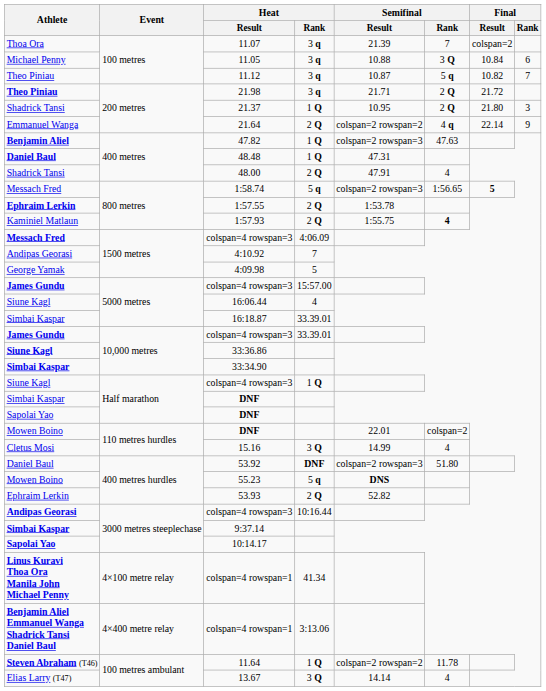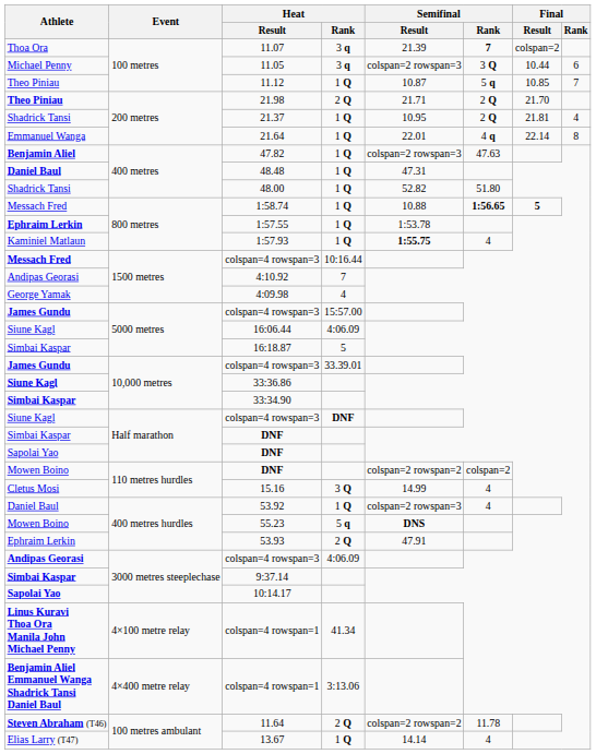 <table class="wikitable" style="font-size:90%">
 <tr>
 <th rowspan="2">Athlete</th>
 <th rowspan="2">Event</th>
 <th colspan="2">Heat</th>
 <th colspan="2">Semifinal</th>
 <th colspan="2">Final</th>
 </tr>
 <tr style="font-size:95%">
 <th>Result</th>
 <th>Rank</th>
 <th>Result</th>
 <th>Rank</th>
 <th>Result</th>
 <th>Rank</th>
 </tr>
 <tr style=text-align:center>
 <td style=text-align:left><a href='#'>Thoa Ora</a></td>
 <td style=text-align:left rowspan=3>100 metres</td>
 <td>11.07</td>
 <td>3 <strong>q</strong></td>
 <td>21.39</td>
-<td>7</td>
+<td><strong>7</strong></td>
 <td>colspan=2 </td>
 </tr>
 <tr style=text-align:center>
 <td style=text-align:left><a href='#'>Michael Penny</a></td>
 <td>11.05</td>
 <td>3 <strong>q</strong></td>
-<td>10.88</td>
+<td>colspan=2 rowspan=3 </td>
 <td>3 <strong>Q</strong></td>
-<td>10.84</td>
+<td>10.44</td>
 <td>6</td>
 </tr>
 <tr style=text-align:center>
 <td style=text-align:left><a href='#'>Theo Piniau</a></td>
 <td>11.12</td>
-<td>3 <strong>q</strong></td>
+<td>1 <strong>Q</strong></td>
 <td>10.87</td>
 <td>5 <strong>q</strong></td>
-<td>10.82</td>
+<td>10.85</td>
 <td>7</td>
 </tr>
 <tr style=text-align:center>
 <td style=text-align:left><strong><a href='#'>Theo Piniau</a></strong></td>
 <td style=text-align:left rowspan=3>200 metres</td>
 <td>21.98</td>
-<td>3 <strong>q</strong></td>
+<td>2 <strong>Q</strong></td>
 <td>21.71</td>
 <td>2 <strong>Q</strong></td>
-<td>21.72</td>
+<td>21.70</td>
 <td></td>
 </tr>
 <tr style=text-align:center>
 <td style=text-align:left><a href='#'>Shadrick Tansi</a></td>
 <td>21.37</td>
 <td>1 <strong>Q</strong></td>
 <td>10.95</td>
 <td>2 <strong>Q</strong></td>
-<td>21.80</td>
-<td>3</td>
+<td>21.81</td>
+<td>4</td>
 </tr>
 <tr style=text-align:center>
 <td style=text-align:left><a href='#'>Emmanuel Wanga</a></td>
 <td>21.64</td>
-<td>2 <strong>Q</strong></td>
-<td>colspan=2 rowspan=2 </td>
+<td>1 <strong>Q</strong></td>
+<td>22.01</td>
 <td>4 <strong>q</strong></td>
 <td>22.14</td>
-<td>9</td>
+<td>8</td>
 </tr>
 <tr style=text-align:center>
 <td style=text-align:left><strong><a href='#'>Benjamin Aliel</a></strong></td>
 <td style=text-align:left rowspan=3>400 metres</td>
 <td>47.82</td>
 <td>1 <strong>Q</strong></td>
 <td>colspan=2 rowspan=3 </td>
 <td>47.63</td>
 <td></td>
 </tr>
 <tr style=text-align:center>
 <td style=text-align:left><strong><a href='#'>Daniel Baul</a></strong></td>
 <td>48.48</td>
 <td>1 <strong>Q</strong></td>
 <td>47.31</td>
 <td></td>
 </tr>
 <tr style=text-align:center>
 <td style=text-align:left><a href='#'>Shadrick Tansi</a></td>
 <td>48.00</td>
-<td>2 <strong>Q</strong></td>
-<td>47.91</td>
-<td>4</td>
+<td>1 <strong>Q</strong></td>
+<td>52.82</td>
+<td>51.80</td>
 </tr>
 <tr style=text-align:center>
 <td style=text-align:left><a href='#'>Messach Fred</a></td>
 <td style=text-align:left rowspan=3>800 metres</td>
 <td>1:58.74</td>
-<td>5 <strong>q</strong></td>
-<td>colspan=2 rowspan=3 </td>
-<td>1:56.65</td>
+<td>1 <strong>Q</strong></td>
+<td>10.88</td>
+<td><strong>1:56.65</strong></td>
 <td><strong>5</strong></td>
 </tr>
 <tr style=text-align:center>
 <td style=text-align:left><strong><a href='#'>Ephraim Lerkin</a></strong></td>
 <td>1:57.55</td>
-<td>2 <strong>Q</strong></td>
+<td>1 <strong>Q</strong></td>
 <td>1:53.78</td>
 <td></td>
 </tr>
 <tr style=text-align:center>
 <td style=text-align:left><a href='#'>Kaminiel Matlaun</a></td>
 <td>1:57.93</td>
-<td>2 <strong>Q</strong></td>
-<td>1:55.75</td>
-<td><strong>4</strong></td>
+<td>1 <strong>Q</strong></td>
+<td><strong>1:55.75</strong></td>
+<td>4</td>
 </tr>
 <tr style=text-align:center>
 <td style=text-align:left><strong><a href='#'>Messach Fred</a></strong></td>
 <td style=text-align:left rowspan=3>1500 metres</td>
 <td>colspan=4 rowspan=3 </td>
-<td>4:06.09</td>
+<td>10:16.44</td>
 <td></td>
 </tr>
 <tr style=text-align:center>
 <td style=text-align:left><a href='#'>Andipas Georasi</a></td>
 <td>4:10.92</td>
 <td>7</td>
 </tr>
 <tr style=text-align:center>
 <td style=text-align:left><a href='#'>George Yamak</a></td>
 <td>4:09.98</td>
-<td>5</td>
+<td>4</td>
 </tr>
 <tr style=text-align:center>
 <td style=text-align:left><strong><a href='#'>James Gundu</a></strong></td>
 <td style=text-align:left rowspan=3>5000 metres</td>
 <td>colspan=4 rowspan=3 </td>
 <td>15:57.00</td>
 <td></td>
 </tr>
 <tr style=text-align:center>
 <td style=text-align:left><a href='#'>Siune Kagl</a></td>
 <td>16:06.44</td>
-<td>4</td>
+<td>4:06.09</td>
 </tr>
 <tr style=text-align:center>
 <td style=text-align:left><a href='#'>Simbai Kaspar</a></td>
 <td>16:18.87</td>
-<td>33.39.01</td>
+<td>5</td>
 </tr>
 <tr style=text-align:center>
 <td style=text-align:left><strong><a href='#'>James Gundu</a></strong></td>
 <td style=text-align:left rowspan=3>10,000 metres</td>
 <td>colspan=4 rowspan=3 </td>
 <td>33.39.01</td>
 <td></td>
 </tr>
 <tr style=text-align:center>
 <td style=text-align:left><strong><a href='#'>Siune Kagl</a></strong></td>
 <td>33:36.86</td>
 <td></td>
 </tr>
 <tr style=text-align:center>
 <td style=text-align:left><strong><a href='#'>Simbai Kaspar</a></strong></td>
 <td>33:34.90</td>
 <td></td>
 </tr>
 <tr style=text-align:center>
 <td style=text-align:left><a href='#'>Siune Kagl</a></td>
 <td style=text-align:left rowspan=3>Half marathon</td>
 <td>colspan=4 rowspan=3 </td>
-<td>1 <strong>Q</strong></td>
+<td><strong>DNF</strong></td>
 <td></td>
 </tr>
 <tr style=text-align:center>
 <td style=text-align:left><a href='#'>Simbai Kaspar</a></td>
 <td><strong>DNF</strong></td>
 <td></td>
 </tr>
 <tr style=text-align:center>
 <td style=text-align:left><a href='#'>Sapolai Yao</a></td>
 <td><strong>DNF</strong></td>
 <td></td>
 </tr>
 <tr style=text-align:center>
 <td style=text-align:left><a href='#'>Mowen Boino</a></td>
 <td style=text-align:left rowspan=2>110 metres hurdles</td>
 <td><strong>DNF</strong></td>
 <td></td>
-<td>22.01</td>
+<td>colspan=2 rowspan=2 </td>
 <td>colspan=2 </td>
 </tr>
 <tr style=text-align:center>
 <td style=text-align:left><a href='#'>Cletus Mosi</a></td>
 <td>15.16</td>
 <td>3 <strong>Q</strong></td>
 <td>14.99</td>
 <td>4</td>
 </tr>
 <tr style=text-align:center>
 <td style=text-align:left><a href='#'>Daniel Baul</a></td>
 <td style=text-align:left rowspan=3>400 metres hurdles</td>
 <td>53.92</td>
-<td><strong>DNF</strong></td>
+<td>1 <strong>Q</strong></td>
 <td>colspan=2 rowspan=3 </td>
-<td>51.80</td>
+<td>4</td>
 <td></td>
 </tr>
 <tr style=text-align:center>
 <td style=text-align:left><a href='#'>Mowen Boino</a></td>
 <td>55.23</td>
 <td>5 <strong>q</strong></td>
 <td><strong>DNS</strong></td>
 <td></td>
 </tr>
 <tr style=text-align:center>
 <td style=text-align:left><a href='#'>Ephraim Lerkin</a></td>
 <td>53.93</td>
 <td>2 <strong>Q</strong></td>
-<td>52.82</td>
+<td>47.91</td>
 <td></td>
 </tr>
 <tr style=text-align:center>
 <td style=text-align:left><strong><a href='#'>Andipas Georasi</a></strong></td>
 <td style=text-align:left rowspan=3>3000 metres steeplechase</td>
 <td>colspan=4 rowspan=3 </td>
-<td>10:16.44</td>
+<td>4:06.09</td>
 <td></td>
 </tr>
 <tr style=text-align:center>
 <td style=text-align:left><strong><a href='#'>Simbai Kaspar</a></strong></td>
 <td>9:37.14</td>
 <td></td>
 </tr>
 <tr style=text-align:center>
 <td style=text-align:left><strong><a href='#'>Sapolai Yao</a></strong></td>
 <td>10:14.17</td>
 <td></td>
 </tr>
 <tr style=text-align:center>
 <td style=text-align:left><strong><a href='#'>Linus Kuravi</a></strong><br><strong><a href='#'>Thoa Ora</a></strong><br><strong><a href='#'>Manila John</a></strong><br><strong><a href='#'>Michael Penny</a></strong></td>
 <td style=text-align:left rowspan=1>4×100 metre relay</td>
 <td>colspan=4 rowspan=1 </td>
 <td>41.34</td>
 <td></td>
 </tr>
 <tr style=text-align:center>
 <td style=text-align:left><strong><a href='#'>Benjamin Aliel</a></strong><br><strong><a href='#'>Emmanuel Wanga</a></strong><br><strong><a href='#'>Shadrick Tansi</a></strong><br><strong><a href='#'>Daniel Baul</a></strong></td>
 <td style=text-align:left rowspan=1>4×400 metre relay</td>
 <td>colspan=4 rowspan=1 </td>
 <td>3:13.06</td>
 <td></td>
 </tr>
 <tr style=text-align:center>
 <td style=text-align:left><strong><a href='#'>Steven Abraham</a></strong> <small>(T46)</small></td>
 <td style=text-align:left rowspan=2>100 metres ambulant</td>
 <td>11.64</td>
-<td>1 <strong>Q</strong></td>
+<td>2 <strong>Q</strong></td>
 <td>colspan=2 rowspan=2 </td>
 <td>11.78</td>
 <td></td>
 </tr>
 <tr style=text-align:center>
 <td style=text-align:left><a href='#'>Elias Larry</a> <small>(T47)</small></td>
 <td>13.67</td>
-<td>3 <strong>Q</strong></td>
+<td>1 <strong>Q</strong></td>
 <td>14.14</td>
 <td>4</td>
 </tr>
 </table>
